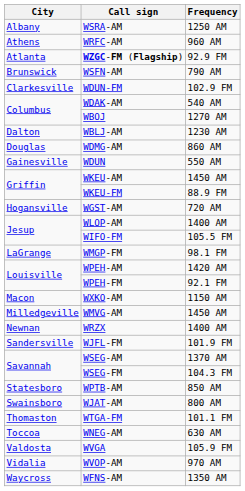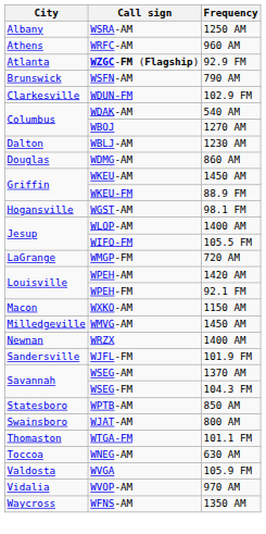 <table class="wikitable">
 <tr>
 <th>City</th>
 <th>Call sign</th>
 <th>Frequency</th>
 </tr>
 <tr>
 <td><a href='#'>Albany</a></td>
 <td><a href='#'>WSRA</a>-AM</td>
 <td>1250 AM</td>
 </tr>
 <tr>
 <td><a href='#'>Athens</a></td>
 <td><a href='#'>WRFC</a>-AM</td>
 <td>960 AM</td>
 </tr>
 <tr>
 <td><a href='#'>Atlanta</a></td>
 <td><a href='#'><strong>WZGC</strong></a>-<strong>FM</strong> (<strong>Flagship</strong>)</td>
 <td>92.9 FM</td>
 </tr>
 <tr>
 <td><a href='#'>Brunswick</a></td>
 <td><a href='#'>WSFN</a>-AM</td>
 <td>790 AM</td>
 </tr>
 <tr>
 <td><a href='#'>Clarkesville</a></td>
 <td><a href='#'>WDUN-FM</a></td>
 <td>102.9 FM</td>
 </tr>
 <tr>
 <td rowspan=2><a href='#'>Columbus</a></td>
 <td><a href='#'>WDAK</a>-AM</td>
 <td>540 AM</td>
 </tr>
 <tr>
 <td><a href='#'>WBOJ</a></td>
 <td>1270 AM</td>
 </tr>
 <tr>
 <td><a href='#'>Dalton</a></td>
 <td><a href='#'>WBLJ</a>-AM</td>
 <td>1230 AM</td>
 </tr>
 <tr>
 <td><a href='#'>Douglas</a></td>
 <td><a href='#'>WDMG</a>-AM</td>
 <td>860 AM</td>
 </tr>
 <tr>
-<td><a href='#'>Gainesville</a></td>
-<td><a href='#'>WDUN</a></td>
-<td>550 AM</td>
-</tr>
-<tr>
 <td rowspan=2><a href='#'>Griffin</a></td>
 <td><a href='#'>WKEU</a>-AM</td>
 <td>1450 AM</td>
 </tr>
 <tr>
 <td><a href='#'>WKEU-FM</a></td>
 <td>88.9 FM</td>
 </tr>
 <tr>
 <td><a href='#'>Hogansville</a></td>
 <td><a href='#'>WGST</a>-AM</td>
-<td>720 AM</td>
+<td>98.1 FM</td>
 </tr>
 <tr>
 <td rowspan=2><a href='#'>Jesup</a></td>
 <td><a href='#'>WLOP</a>-AM</td>
 <td>1400 AM</td>
 </tr>
 <tr>
 <td><a href='#'>WIFO-FM</a></td>
 <td>105.5 FM</td>
 </tr>
 <tr>
 <td><a href='#'>LaGrange</a></td>
 <td><a href='#'>WMGP</a>-FM</td>
-<td>98.1 FM</td>
+<td>720 AM</td>
 </tr>
 <tr>
 <td rowspan=2><a href='#'>Louisville</a></td>
 <td><a href='#'>WPEH</a>-AM</td>
 <td>1420 AM</td>
 </tr>
 <tr>
 <td><a href='#'>WPEH</a>-FM</td>
 <td>92.1 FM</td>
 </tr>
 <tr>
 <td><a href='#'>Macon</a></td>
 <td><a href='#'>WXKO</a>-AM</td>
 <td>1150 AM</td>
 </tr>
 <tr>
 <td><a href='#'>Milledgeville</a></td>
 <td><a href='#'>WMVG</a>-AM</td>
 <td>1450 AM</td>
 </tr>
 <tr>
 <td><a href='#'>Newnan</a></td>
 <td><a href='#'>WRZX</a></td>
 <td>1400 AM</td>
 </tr>
 <tr>
 <td><a href='#'>Sandersville</a></td>
 <td><a href='#'>WJFL</a>-FM</td>
 <td>101.9 FM</td>
 </tr>
 <tr>
 <td rowspan=2><a href='#'>Savannah</a></td>
 <td><a href='#'>WSEG</a>-AM</td>
 <td>1370 AM</td>
 </tr>
 <tr>
 <td><a href='#'>WSEG</a>-FM</td>
 <td>104.3 FM</td>
 </tr>
 <tr>
 <td><a href='#'>Statesboro</a></td>
 <td><a href='#'>WPTB</a>-AM</td>
 <td>850 AM</td>
 </tr>
 <tr>
 <td><a href='#'>Swainsboro</a></td>
 <td><a href='#'>WJAT</a>-AM</td>
 <td>800 AM</td>
 </tr>
 <tr>
 <td><a href='#'>Thomaston</a></td>
 <td><a href='#'>WTGA-FM</a></td>
 <td>101.1 FM</td>
 </tr>
 <tr>
 <td><a href='#'>Toccoa</a></td>
 <td><a href='#'>WNEG</a>-AM</td>
 <td>630 AM</td>
 </tr>
 <tr>
 <td><a href='#'>Valdosta</a></td>
 <td><a href='#'>WVGA</a></td>
 <td>105.9 FM</td>
 </tr>
 <tr>
 <td><a href='#'>Vidalia</a></td>
 <td><a href='#'>WVOP</a>-AM</td>
 <td>970 AM</td>
 </tr>
 <tr>
 <td><a href='#'>Waycross</a></td>
 <td><a href='#'>WFNS</a>-AM</td>
 <td>1350 AM</td>
 </tr>
 </table>
